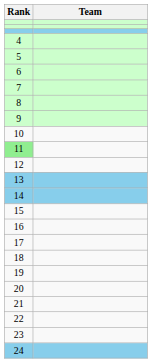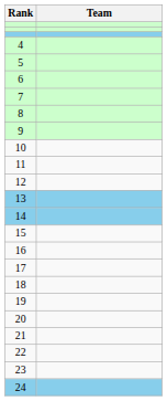 <table class="wikitable" style="text-align:center">
 <tr>
 <th width=40>Rank</th>
 <th width=180>Team</th>
 </tr>
 <tr bgcolor=#ccffcc>
 <td></td>
 <td style="text-align:left"></td>
 </tr>
 <tr bgcolor=#ccffcc>
 <td></td>
 <td style="text-align:left"></td>
 </tr>
 <tr bgcolor=#87ceeb>
 <td></td>
 <td style="text-align:left"></td>
 </tr>
 <tr bgcolor=#ccffcc>
 <td>4</td>
 <td style="text-align:left"></td>
 </tr>
 <tr bgcolor=#ccffcc>
 <td>5</td>
 <td style="text-align:left"></td>
 </tr>
 <tr bgcolor=#ccffcc>
 <td>6</td>
 <td style="text-align:left"></td>
 </tr>
 <tr bgcolor=#ccffcc>
 <td>7</td>
 <td style="text-align:left"></td>
 </tr>
 <tr bgcolor=#ccffcc>
 <td>8</td>
 <td style="text-align:left"></td>
 </tr>
 <tr bgcolor=#ccffcc>
 <td>9</td>
 <td style="text-align:left"></td>
 </tr>
 <tr>
 <td>10</td>
 <td style="text-align:left"></td>
 </tr>
 <tr>
-<td style="background: lightgreen;">11</td>
+<td>11</td>
 <td style="text-align:left"></td>
 </tr>
 <tr>
 <td>12</td>
 <td style="text-align:left"></td>
 </tr>
 <tr bgcolor=#87ceeb>
 <td>13</td>
 <td style="text-align:left"></td>
 </tr>
 <tr bgcolor=#87ceeb>
 <td>14</td>
 <td style="text-align:left"></td>
 </tr>
 <tr>
 <td>15</td>
 <td style="text-align:left"></td>
 </tr>
 <tr>
 <td>16</td>
 <td style="text-align:left"></td>
 </tr>
 <tr>
 <td>17</td>
 <td style="text-align:left"></td>
 </tr>
 <tr>
 <td>18</td>
 <td style="text-align:left"></td>
 </tr>
 <tr>
 <td>19</td>
 <td style="text-align:left"></td>
 </tr>
 <tr>
 <td>20</td>
 <td style="text-align:left"></td>
 </tr>
 <tr>
 <td>21</td>
 <td style="text-align:left"></td>
 </tr>
 <tr>
 <td>22</td>
 <td style="text-align:left"></td>
 </tr>
 <tr>
 <td>23</td>
 <td style="text-align:left"></td>
 </tr>
 <tr bgcolor=#87ceeb>
 <td>24</td>
 <td style="text-align:left"></td>
 </tr>
 </table>
